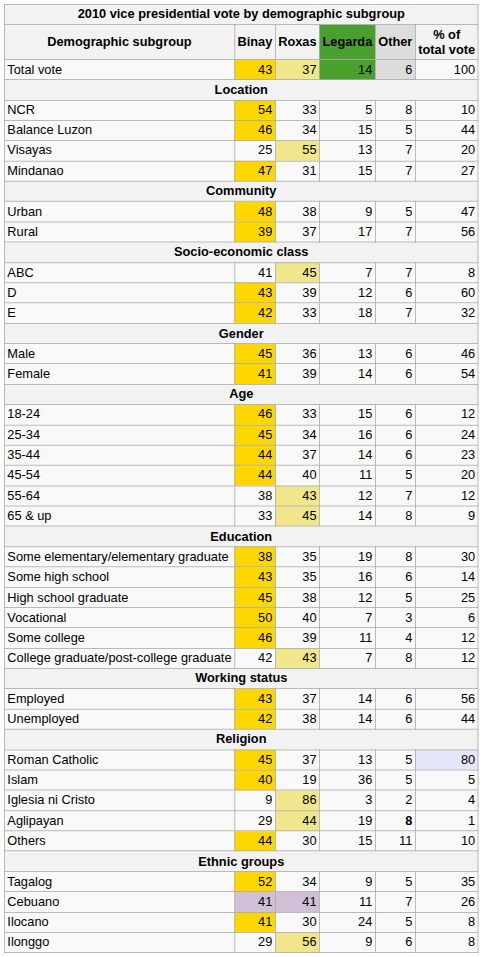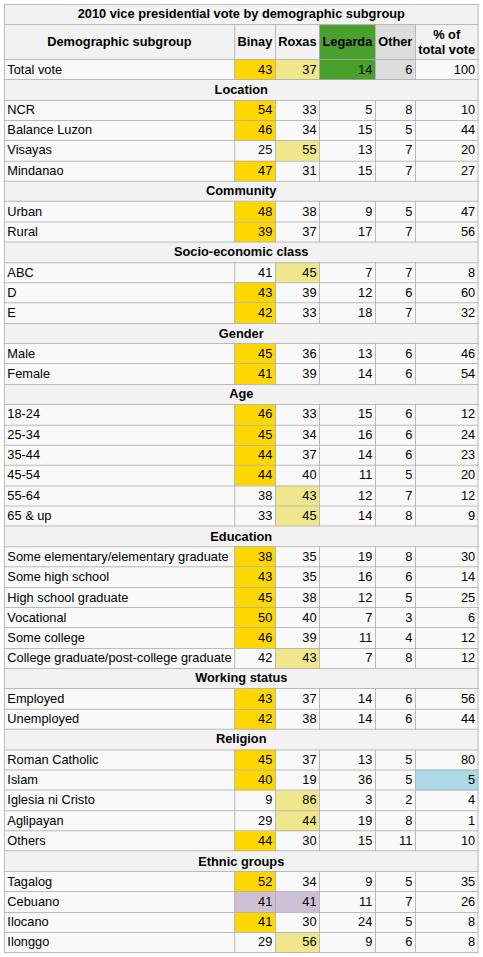 <table class=wikitable>
 <tr>
 <th colspan="8">2010 vice presidential vote by demographic subgroup</th>
 </tr>
 <tr>
 <th>Demographic subgroup</th>
 <th>Binay</th>
 <th>Roxas</th>
 <th style="background:#4aa02c; width:10px;">Legarda</th>
 <th style="background:#DDDDDD; width:10px;">Other</th>
 <th>% of<br>total vote</th>
 </tr>
 <tr>
 <td>Total vote</td>
 <td style="text-align:right; background:#ffd700;">43</td>
 <td style="text-align:right; background:#f0e68c;">37</td>
 <td style="text-align:right; background:#4aa02c;">14</td>
 <td style="text-align:right; background:#DDDDDD;">6</td>
 <td style="text-align:right;">100</td>
 </tr>
 <tr>
 <th colspan=6>Location</th>
 </tr>
 <tr>
 <td>NCR</td>
 <td style="text-align:right; background:#ffd700;">54</td>
 <td style="text-align:right; background:#white;">33</td>
 <td style="text-align:right; background:#white;">5</td>
 <td style="text-align:right; background:#white;">8</td>
 <td style="text-align:right;">10</td>
 </tr>
 <tr>
 <td>Balance Luzon</td>
 <td style="text-align:right; background:#ffd700;">46</td>
 <td style="text-align:right; background:#white;">34</td>
 <td style="text-align:right; background:#white;">15</td>
 <td style="text-align:right; background:#white;">5</td>
 <td style="text-align:right;">44</td>
 </tr>
 <tr>
 <td>Visayas</td>
 <td style="text-align:right; background:#white;">25</td>
 <td style="text-align:right; background:#f0e68c;">55</td>
 <td style="text-align:right; background:#white;">13</td>
 <td style="text-align:right; background:#white;">7</td>
 <td style="text-align:right;">20</td>
 </tr>
 <tr>
 <td>Mindanao</td>
 <td style="text-align:right; background:#ffd700;">47</td>
 <td style="text-align:right; background:#white;">31</td>
 <td style="text-align:right; background:#white;">15</td>
 <td style="text-align:right; background:#white;">7</td>
 <td style="text-align:right;">27</td>
 </tr>
 <tr>
 <th colspan=6>Community</th>
 </tr>
 <tr>
 <td>Urban</td>
 <td style="text-align:right; background:#ffd700;">48</td>
 <td style="text-align:right; background:#white;">38</td>
 <td style="text-align:right; background:#white;">9</td>
 <td style="text-align:right; background:#white;">5</td>
 <td style="text-align:right;">47</td>
 </tr>
 <tr>
 <td>Rural</td>
 <td style="text-align:right; background:#ffd700;">39</td>
 <td style="text-align:right; background:#white;">37</td>
 <td style="text-align:right; background:#white;">17</td>
 <td style="text-align:right; background:#white;">7</td>
 <td style="text-align:right;">56</td>
 </tr>
 <tr>
 <th colspan=6>Socio-economic class</th>
 </tr>
 <tr>
 <td>ABC</td>
 <td style="text-align:right; background:#white;">41</td>
 <td style="text-align:right; background:#f0e68c;">45</td>
 <td style="text-align:right; background:#white;">7</td>
 <td style="text-align:right; background:#white;">7</td>
 <td style="text-align:right;">8</td>
 </tr>
 <tr>
 <td>D</td>
 <td style="text-align:right; background:#ffd700;">43</td>
 <td style="text-align:right; background:#white;">39</td>
 <td style="text-align:right; background:#white;">12</td>
 <td style="text-align:right; background:#white;">6</td>
 <td style="text-align:right;">60</td>
 </tr>
 <tr>
 <td>E</td>
 <td style="text-align:right; background:#ffd700;">42</td>
 <td style="text-align:right; background:#white;">33</td>
 <td style="text-align:right; background:#white;">18</td>
 <td style="text-align:right; background:#white;">7</td>
 <td style="text-align:right;">32</td>
 </tr>
 <tr>
 <th colspan=6>Gender</th>
 </tr>
 <tr>
 <td>Male</td>
 <td style="text-align:right; background:#ffd700;">45</td>
 <td style="text-align:right; background:#white;">36</td>
 <td style="text-align:right; background:#white;">13</td>
 <td style="text-align:right; background:#white;">6</td>
 <td style="text-align:right;">46</td>
 </tr>
 <tr>
 <td>Female</td>
 <td style="text-align:right; background:#ffd700;">41</td>
 <td style="text-align:right; background:#white;">39</td>
 <td style="text-align:right; background:#white;">14</td>
 <td style="text-align:right; background:#white;">6</td>
 <td style="text-align:right;">54</td>
 </tr>
 <tr>
 <th colspan=6>Age</th>
 </tr>
 <tr>
 <td>18-24</td>
 <td style="text-align:right; background:#ffd700;">46</td>
 <td style="text-align:right; background:#white;">33</td>
 <td style="text-align:right; background:#white;">15</td>
 <td style="text-align:right; background:#white;">6</td>
 <td style="text-align:right;">12</td>
 </tr>
 <tr>
 <td>25-34</td>
 <td style="text-align:right; background:#ffd700;">45</td>
 <td style="text-align:right; background:#white;">34</td>
 <td style="text-align:right; background:#white;">16</td>
 <td style="text-align:right; background:#white;">6</td>
 <td style="text-align:right;">24</td>
 </tr>
 <tr>
 <td>35-44</td>
 <td style="text-align:right; background:#ffd700;">44</td>
 <td style="text-align:right; background:#white;">37</td>
 <td style="text-align:right; background:#white;">14</td>
 <td style="text-align:right; background:#white;">6</td>
 <td style="text-align:right;">23</td>
 </tr>
 <tr>
 <td>45-54</td>
 <td style="text-align:right; background:#ffd700;">44</td>
 <td style="text-align:right; background:#white;">40</td>
 <td style="text-align:right; background:#white;">11</td>
 <td style="text-align:right; background:#white;">5</td>
 <td style="text-align:right;">20</td>
 </tr>
 <tr>
 <td>55-64</td>
 <td style="text-align:right; background:#white;">38</td>
 <td style="text-align:right; background:#f0e68c;">43</td>
 <td style="text-align:right; background:#white;">12</td>
 <td style="text-align:right; background:#white;">7</td>
 <td style="text-align:right;">12</td>
 </tr>
 <tr>
 <td>65 & up</td>
 <td style="text-align:right; background:#white;">33</td>
 <td style="text-align:right; background:#f0e68c;">45</td>
 <td style="text-align:right; background:#white;">14</td>
 <td style="text-align:right; background:#white;">8</td>
 <td style="text-align:right;">9</td>
 </tr>
 <tr>
 <th colspan=6>Education</th>
 </tr>
 <tr>
 <td>Some elementary/elementary graduate</td>
 <td style="text-align:right; background:#ffd700;">38</td>
 <td style="text-align:right; background:#white;">35</td>
 <td style="text-align:right; background:#white;">19</td>
 <td style="text-align:right; background:#white;">8</td>
 <td style="text-align:right;">30</td>
 </tr>
 <tr>
 <td>Some high school</td>
 <td style="text-align:right; background:#ffd700;">43</td>
 <td style="text-align:right; background:#white;">35</td>
 <td style="text-align:right; background:#white;">16</td>
 <td style="text-align:right; background:#white;">6</td>
 <td style="text-align:right;">14</td>
 </tr>
 <tr>
 <td>High school graduate</td>
 <td style="text-align:right; background:#ffd700;">45</td>
 <td style="text-align:right; background:#white;">38</td>
 <td style="text-align:right; background:#white;">12</td>
 <td style="text-align:right; background:#white;">5</td>
 <td style="text-align:right;">25</td>
 </tr>
 <tr>
 <td>Vocational</td>
 <td style="text-align:right; background:#ffd700;">50</td>
 <td style="text-align:right; background:#white;">40</td>
 <td style="text-align:right; background:#white;">7</td>
 <td style="text-align:right; background:#white;">3</td>
 <td style="text-align:right;">6</td>
 </tr>
 <tr>
 <td>Some college</td>
 <td style="text-align:right; background:#ffd700;">46</td>
 <td style="text-align:right; background:#white;">39</td>
 <td style="text-align:right; background:#white;">11</td>
 <td style="text-align:right; background:#white;">4</td>
 <td style="text-align:right;">12</td>
 </tr>
 <tr>
 <td>College graduate/post-college graduate</td>
 <td style="text-align:right; background:#white;">42</td>
 <td style="text-align:right; background:#f0e68c;">43</td>
 <td style="text-align:right; background:#white;">7</td>
 <td style="text-align:right; background:#white;">8</td>
 <td style="text-align:right;">12</td>
 </tr>
 <tr>
 <th colspan=6>Working status</th>
 </tr>
 <tr>
 <td>Employed</td>
 <td style="text-align:right; background:#ffd700;">43</td>
 <td style="text-align:right; background:#white;">37</td>
 <td style="text-align:right; background:#white;">14</td>
 <td style="text-align:right; background:#white;">6</td>
 <td style="text-align:right;">56</td>
 </tr>
 <tr>
 <td>Unemployed</td>
 <td style="text-align:right; background:#ffd700;">42</td>
 <td style="text-align:right; background:#white;">38</td>
 <td style="text-align:right; background:#white;">14</td>
 <td style="text-align:right; background:#white;">6</td>
 <td style="text-align:right;">44</td>
 </tr>
 <tr>
 <th colspan=6>Religion</th>
 </tr>
 <tr>
 <td>Roman Catholic</td>
 <td style="text-align:right; background:#ffd700;">45</td>
 <td style="text-align:right; background:#white;">37</td>
 <td style="text-align:right; background:#white;">13</td>
 <td style="text-align:right; background:#white;">5</td>
-<td style="background: lavender; text-align:right;">80</td>
+<td style="text-align:right;">80</td>
 </tr>
 <tr>
 <td>Islam</td>
 <td style="text-align:right; background:#ffd700;">40</td>
 <td style="text-align:right; background:#white;">19</td>
 <td style="text-align:right; background:#white;">36</td>
 <td style="text-align:right; background:#white;">5</td>
-<td style="text-align:right;">5</td>
+<td style="background: lightblue; text-align:right;">5</td>
 </tr>
 <tr>
 <td>Iglesia ni Cristo</td>
 <td style="text-align:right; background:#white;">9</td>
 <td style="text-align:right; background:#f0e68c;">86</td>
 <td style="text-align:right; background:#white;">3</td>
 <td style="text-align:right; background:#white;">2</td>
 <td style="text-align:right;">4</td>
 </tr>
 <tr>
 <td>Aglipayan</td>
 <td style="text-align:right; background:#white;">29</td>
 <td style="text-align:right; background:#f0e68c;">44</td>
 <td style="text-align:right; background:#white;">19</td>
-<td style="text-align:right; background:#white;"><strong>8</strong></td>
+<td style="text-align:right; background:#white;">8</td>
 <td style="text-align:right;">1</td>
 </tr>
 <tr>
 <td>Others</td>
 <td style="text-align:right; background:#ffd700;">44</td>
 <td style="text-align:right; background:#white;">30</td>
 <td style="text-align:right; background:#white;">15</td>
 <td style="text-align:right; background:#white;">11</td>
 <td style="text-align:right;">10</td>
 </tr>
 <tr>
 <th colspan=6>Ethnic groups</th>
 </tr>
 <tr>
 <td>Tagalog</td>
 <td style="text-align:right; background:#ffd700;">52</td>
 <td style="text-align:right; background:#white;">34</td>
 <td style="text-align:right; background:#white;">9</td>
 <td style="text-align:right; background:#white;">5</td>
 <td style="text-align:right;">35</td>
 </tr>
 <tr>
 <td>Cebuano</td>
 <td style="text-align:right; background:#d0c0d7;">41</td>
 <td style="text-align:right; background:#d0c0d7;">41</td>
 <td style="text-align:right; background:#white;">11</td>
 <td style="text-align:right; background:#white;">7</td>
 <td style="text-align:right;">26</td>
 </tr>
 <tr>
 <td>Ilocano</td>
 <td style="text-align:right; background:#ffd700;">41</td>
 <td style="text-align:right; background:#white;">30</td>
 <td style="text-align:right; background:#white;">24</td>
 <td style="text-align:right; background:#white;">5</td>
 <td style="text-align:right;">8</td>
 </tr>
 <tr>
 <td>Ilonggo</td>
 <td style="text-align:right; background:#white;">29</td>
 <td style="text-align:right; background:#f0e68c;">56</td>
 <td style="text-align:right; background:#white;">9</td>
 <td style="text-align:right; background:#white;">6</td>
 <td style="text-align:right;">8</td>
 </tr>
 </table>
